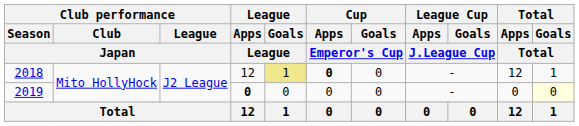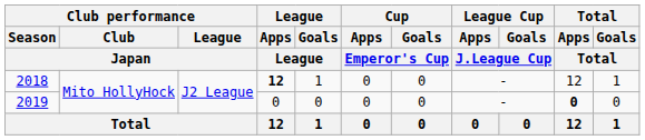 <table class="wikitable" style="text-align:center;">
 <tr>
 <th colspan=3>Club performance</th>
 <th colspan=2>League</th>
 <th colspan=2>Cup</th>
 <th colspan=2>League Cup</th>
 <th colspan=2>Total</th>
 </tr>
 <tr>
 <th>Season</th>
 <th>Club</th>
 <th>League</th>
 <th>Apps</th>
 <th>Goals</th>
 <th>Apps</th>
 <th>Goals</th>
 <th>Apps</th>
 <th>Goals</th>
 <th>Apps</th>
 <th>Goals</th>
 </tr>
 <tr>
 <th colspan=3>Japan</th>
 <th colspan=2>League</th>
 <th colspan=2><a href='#'>Emperor's Cup</a></th>
 <th colspan=2><a href='#'>J.League Cup</a></th>
 <th colspan=2>Total</th>
 </tr>
 <tr>
 <td><a href='#'>2018</a></td>
 <td rowspan="2"><a href='#'>Mito HollyHock</a></td>
 <td rowspan="2"><a href='#'>J2 League</a></td>
-<td>12</td>
-<td style="background: khaki;">1</td>
-<td><strong>0</strong></td>
+<td><strong>12</strong></td>
+<td>1</td>
+<td>0</td>
 <td>0</td>
 <td colspan=2>-</td>
 <td>12</td>
 <td>1</td>
 </tr>
 <tr>
 <td><a href='#'>2019</a></td>
-<td><strong>0</strong></td>
+<td>0</td>
 <td>0</td>
 <td>0</td>
 <td>0</td>
 <td colspan=2>-</td>
+<td><strong>0</strong></td>
 <td>0</td>
-<td style="background: lightyellow;">0</td>
 </tr>
 <tr>
 <th colspan=3>Total</th>
 <th>12</th>
 <th>1</th>
 <th>0</th>
 <th>0</th>
 <th>0</th>
 <th>0</th>
 <th>12</th>
 <th>1</th>
 </tr>
 </table>
